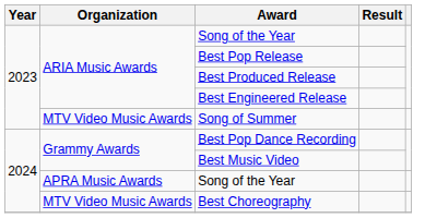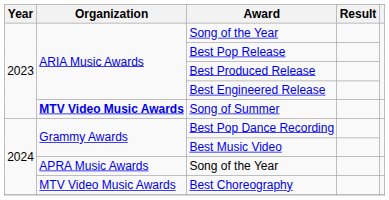 <table class="wikitable sortable plainrowheaders">
 <tr>
 <th scope="col">Year</th>
 <th scope="col">Organization</th>
 <th scope="col">Award</th>
 <th scope="col">Result</th>
 <th class="unsortable"></th>
 </tr>
 <tr>
 <td rowspan="5" style="text-align:center">2023</td>
 <td rowspan="4"><a href='#'>ARIA Music Awards</a></td>
 <td><a href='#'>Song of the Year</a></td>
 <td></td>
 <td style="text-align:center" rowspan="4"></td>
 </tr>
 <tr>
 <td><a href='#'>Best Pop Release</a></td>
 <td></td>
 </tr>
 <tr>
 <td><a href='#'>Best Produced Release</a></td>
 <td></td>
 </tr>
 <tr>
 <td><a href='#'>Best Engineered Release</a></td>
 <td></td>
 </tr>
 <tr>
-<td><a href='#'>MTV Video Music Awards</a></td>
+<td><strong><a href='#'>MTV Video Music Awards</a></strong></td>
 <td><a href='#'>Song of Summer</a></td>
 <td></td>
 <td style="text-align:center"></td>
 </tr>
 <tr>
 <td rowspan="4" style="text-align:center;" scope="row">2024</td>
 <td rowspan="2"><a href='#'>Grammy Awards</a></td>
 <td><a href='#'>Best Pop Dance Recording</a></td>
 <td></td>
 <td style="text-align:center" rowspan="2"></td>
 </tr>
 <tr>
 <td><a href='#'>Best Music Video</a></td>
 <td></td>
 </tr>
 <tr>
 <td><a href='#'>APRA Music Awards</a></td>
 <td>Song of the Year</td>
 <td></td>
 <td></td>
 </tr>
 <tr>
 <td><a href='#'>MTV Video Music Awards</a></td>
 <td><a href='#'>Best Choreography</a></td>
 <td></td>
 <td style="text-align:center"></td>
 </tr>
 <tr>
 </tr>
 </table>
